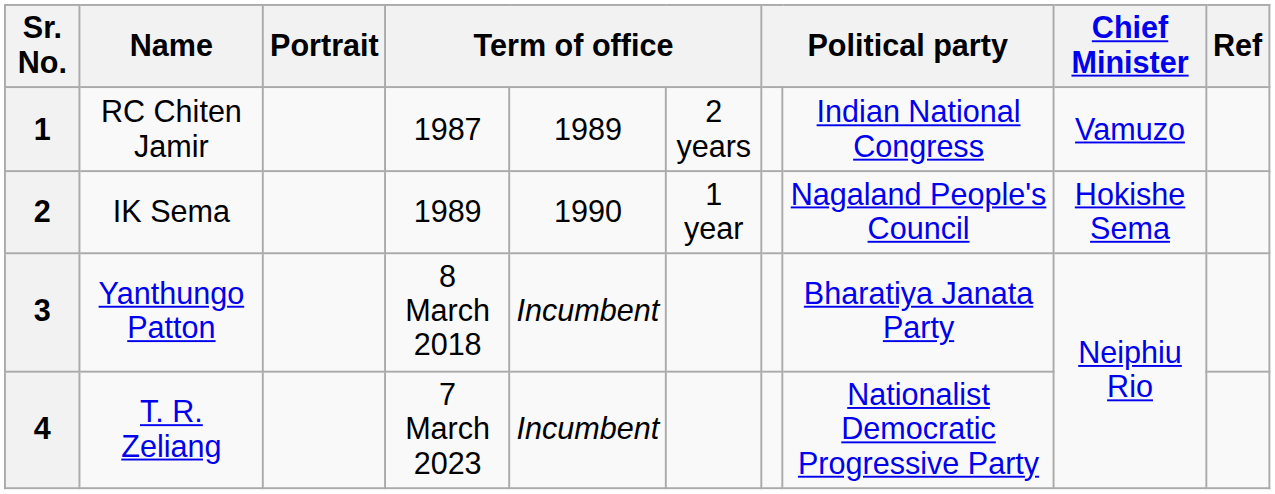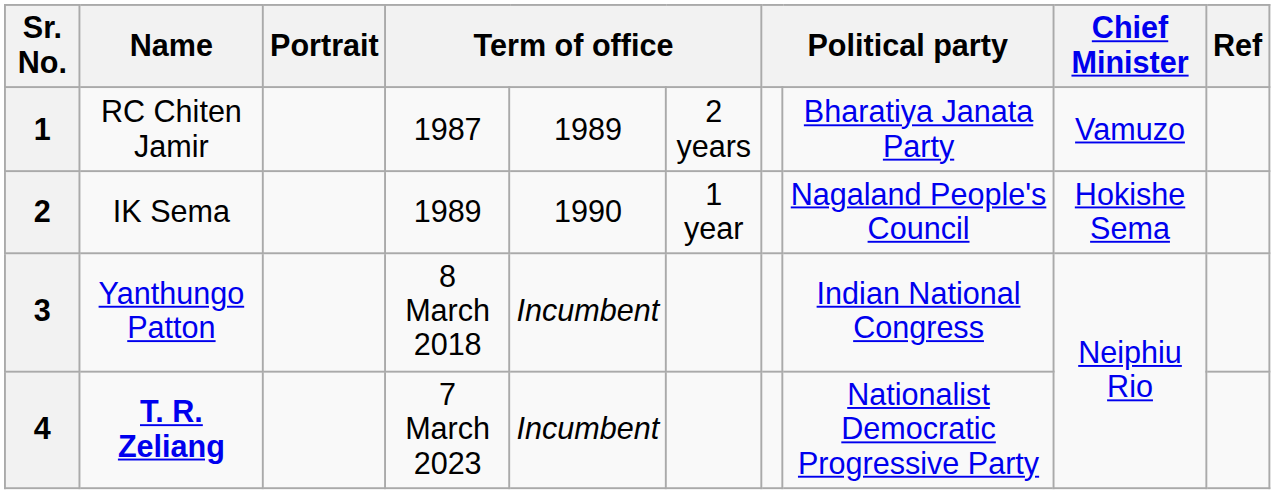 <table class="wikitable" style="width:75%; text-align:center">
 <tr>
 <th>Sr. No.</th>
 <th>Name<br></th>
 <th>Portrait</th>
 <th colspan=3>Term of office</th>
 <th colspan=2>Political party</th>
 <th><a href='#'>Chief Minister</a></th>
 <th>Ref</th>
 </tr>
 <tr>
 <th>1</th>
 <td>RC Chiten Jamir<br></td>
 <td></td>
 <td>1987</td>
 <td>1989</td>
 <td>2 years</td>
 <td width="4px" style="background-color: "></td>
-<td><a href='#'>Indian National Congress</a></td>
+<td><a href='#'>Bharatiya Janata Party</a></td>
 <td><a href='#'>Vamuzo</a></td>
 <td></td>
 </tr>
 <tr>
 <th>2</th>
 <td>IK Sema</td>
 <td></td>
 <td>1989</td>
 <td>1990</td>
 <td>1 year</td>
 <td width="4px" style="background-color: "></td>
 <td><a href='#'>Nagaland People's Council</a></td>
 <td><a href='#'>Hokishe Sema</a></td>
 <td></td>
 </tr>
 <tr>
 <th>3</th>
 <td><a href='#'>Yanthungo Patton</a><br></td>
 <td></td>
 <td>8 March 2018</td>
 <td><em>Incumbent</em></td>
 <td></td>
 <td width="4px" style="background-color: "></td>
-<td><a href='#'>Bharatiya Janata Party</a></td>
+<td><a href='#'>Indian National Congress</a></td>
 <td rowspan="2"><a href='#'>Neiphiu Rio</a></td>
 <td></td>
 </tr>
 <tr>
 <th>4</th>
-<td><a href='#'>T. R. Zeliang</a><br></td>
+<td><strong><a href='#'>T. R. Zeliang</a><br></strong></td>
 <td></td>
 <td>7 March 2023</td>
 <td><em>Incumbent</em></td>
 <td></td>
 <td width="4px" style="background-color: "></td>
 <td><a href='#'>Nationalist Democratic Progressive Party</a></td>
 <td></td>
 </tr>
 </table>
